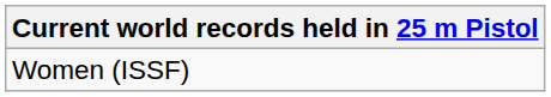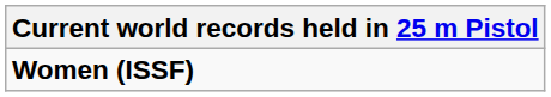 <table class="wikitable" style="font-size: 95%">
 <tr>
 <th colspan=9>Current world records held in <a href='#'>25 m Pistol</a></th>
 </tr>
 <tr>
-<td>Women (ISSF)<br></td>
+<td><strong>Women (ISSF)<br></strong></td>
 </tr>
 </table>
